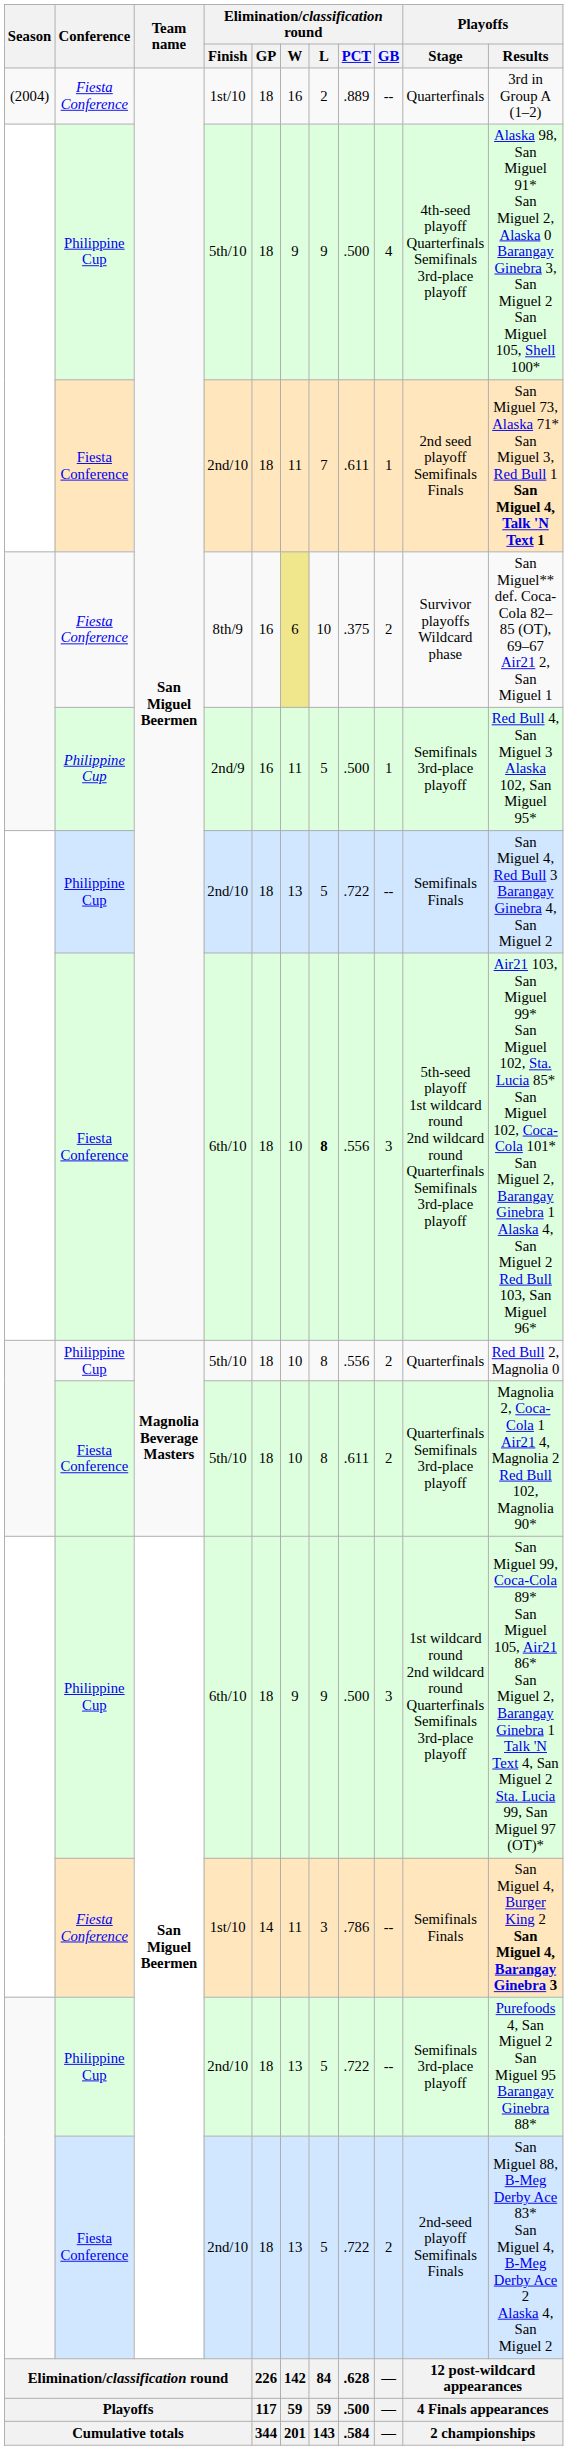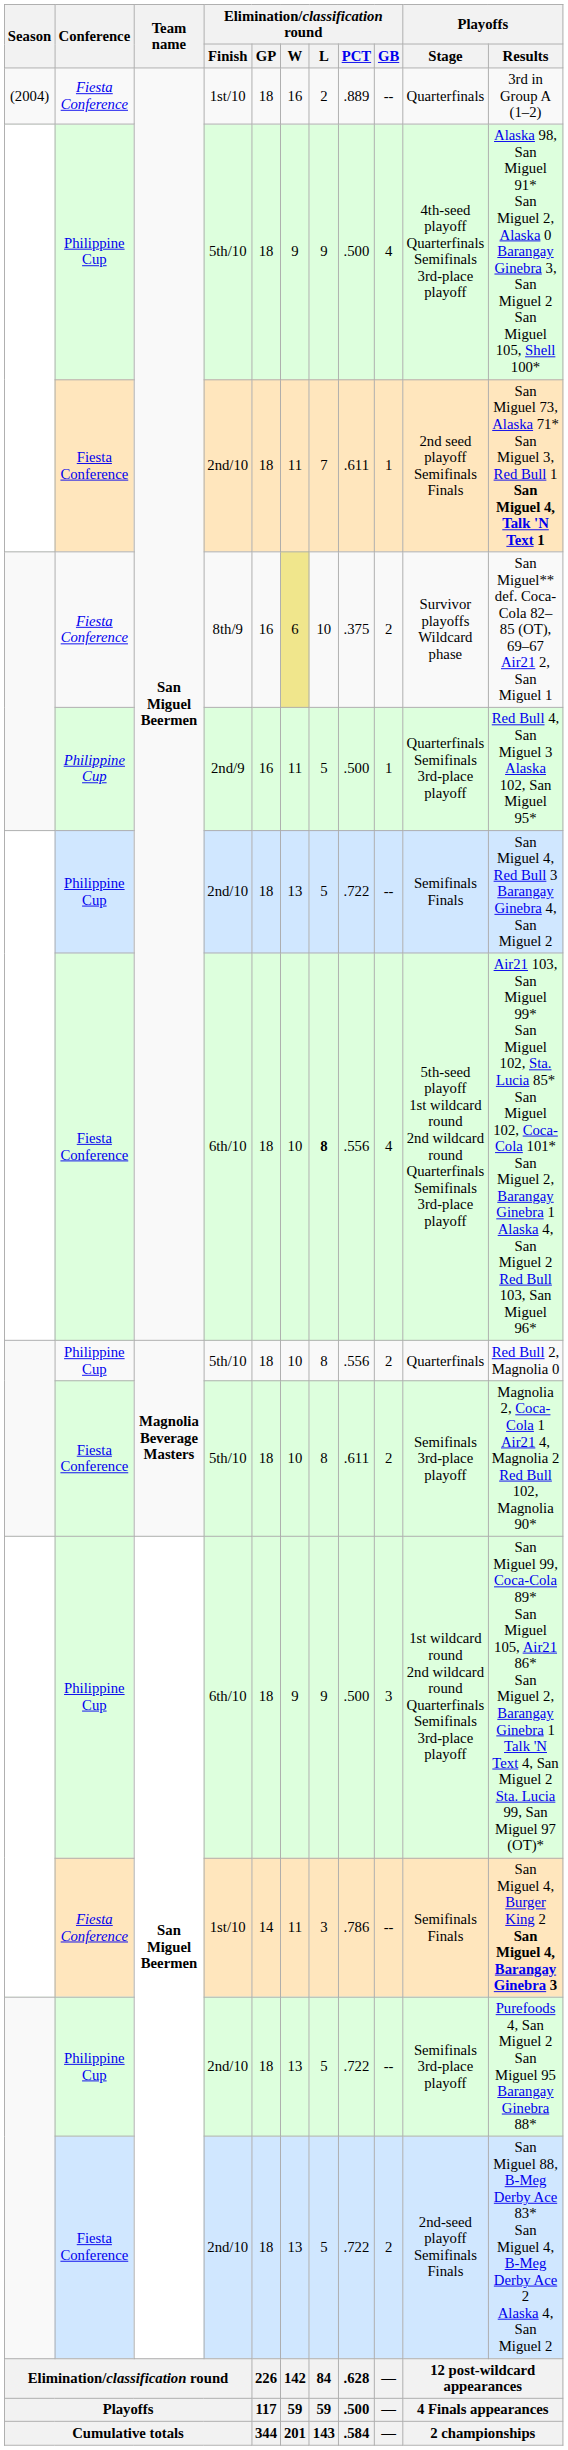 <table class=wikitable style="text-align:center;">
 <tr>
 <th rowspan=2>Season</th>
 <th rowspan=2>Conference</th>
 <th rowspan=2>Team name</th>
 <th colspan=6>Elimination/<em>classification</em> round</th>
 <th colspan=2>Playoffs</th>
 </tr>
 <tr>
 <th>Finish</th>
 <th>GP</th>
 <th>W</th>
 <th>L</th>
 <th><a href='#'>PCT</a></th>
 <th><a href='#'>GB</a></th>
 <th>Stage</th>
 <th>Results</th>
 </tr>
 <tr>
 <td>(2004)</td>
 <td><em><a href='#'>Fiesta Conference</a></em></td>
 <td rowspan=7><strong>San Miguel Beermen</strong></td>
 <td>1st/10</td>
 <td>18</td>
 <td>16</td>
 <td>2</td>
 <td>.889</td>
 <td>--</td>
 <td>Quarterfinals</td>
 <td>3rd in Group A (1–2)</td>
 </tr>
 <tr bgcolor=#DDFFDD>
 <td bgcolor=white rowspan=2></td>
 <td><a href='#'>Philippine Cup</a></td>
 <td>5th/10</td>
 <td>18</td>
 <td>9</td>
 <td>9</td>
 <td>.500</td>
 <td>4</td>
 <td>4th-seed playoff<br>Quarterfinals<br>Semifinals<br>3rd-place playoff</td>
 <td><a href='#'>Alaska</a> 98, San Miguel 91*<br>San Miguel 2, <a href='#'>Alaska</a> 0<br><a href='#'>Barangay Ginebra</a> 3, San Miguel 2<br>San Miguel 105, <a href='#'>Shell</a> 100*</td>
 </tr>
 <tr bgcolor=#FFE6BD>
 <td><a href='#'>Fiesta Conference</a></td>
 <td>2nd/10</td>
 <td>18</td>
 <td>11</td>
 <td>7</td>
 <td>.611</td>
 <td>1</td>
 <td>2nd seed playoff<br>Semifinals<br>Finals</td>
 <td>San Miguel 73, <a href='#'>Alaska</a> 71*<br>San Miguel 3, <a href='#'>Red Bull</a> 1<br><strong>San Miguel 4, <a href='#'>Talk 'N Text</a> 1</strong></td>
 </tr>
 <tr>
 <td rowspan=2></td>
 <td><em><a href='#'>Fiesta Conference</a></em></td>
 <td>8th/9</td>
 <td>16</td>
 <td style="background: khaki;">6</td>
 <td>10</td>
 <td>.375</td>
 <td>2</td>
 <td>Survivor playoffs<br>Wildcard phase</td>
 <td>San Miguel** def. Coca-Cola 82–85 (OT), 69–67<br><a href='#'>Air21</a> 2, San Miguel 1</td>
 </tr>
 <tr bgcolor=#DDFFDD>
 <td><em><a href='#'>Philippine Cup</a></em></td>
 <td>2nd/9</td>
 <td>16</td>
 <td>11</td>
 <td>5</td>
 <td>.500</td>
 <td>1</td>
-<td>Semifinals<br>3rd-place playoff</td>
+<td>Quarterfinals<br>Semifinals<br>3rd-place playoff</td>
 <td><a href='#'>Red Bull</a> 4, San Miguel 3<br><a href='#'>Alaska</a> 102, San Miguel 95*</td>
 </tr>
 <tr bgcolor=#D0E7FF>
 <td bgcolor=white rowspan=2></td>
 <td><a href='#'>Philippine Cup</a></td>
 <td>2nd/10</td>
 <td>18</td>
 <td>13</td>
 <td>5</td>
 <td>.722</td>
 <td>--</td>
 <td>Semifinals<br>Finals</td>
 <td>San Miguel 4, <a href='#'>Red Bull</a> 3<br><a href='#'>Barangay Ginebra</a> 4, San Miguel 2</td>
 </tr>
 <tr bgcolor=#DDFFDD>
 <td><a href='#'>Fiesta Conference</a></td>
 <td>6th/10</td>
 <td>18</td>
 <td>10</td>
 <td><strong>8</strong></td>
 <td>.556</td>
-<td>3</td>
+<td>4</td>
 <td>5th-seed playoff<br>1st wildcard round<br>2nd wildcard round<br>Quarterfinals<br>Semifinals<br>3rd-place playoff</td>
 <td><a href='#'>Air21</a> 103, San Miguel 99*<br>San Miguel 102, <a href='#'>Sta. Lucia</a> 85*<br>San Miguel 102, <a href='#'>Coca-Cola</a> 101*<br>San Miguel 2, <a href='#'>Barangay Ginebra</a> 1<br><a href='#'>Alaska</a> 4, San Miguel 2<br><a href='#'>Red Bull</a> 103, San Miguel 96*</td>
 </tr>
 <tr>
 <td rowspan=2></td>
 <td><a href='#'>Philippine Cup</a></td>
 <td rowspan=2><strong>Magnolia Beverage Masters</strong></td>
 <td>5th/10</td>
 <td>18</td>
 <td>10</td>
 <td>8</td>
 <td>.556</td>
 <td>2</td>
 <td>Quarterfinals</td>
 <td><a href='#'>Red Bull</a> 2, Magnolia 0</td>
 </tr>
 <tr bgcolor=#DDFFDD>
 <td><a href='#'>Fiesta Conference</a></td>
 <td>5th/10</td>
 <td>18</td>
 <td>10</td>
 <td>8</td>
 <td>.611</td>
 <td>2</td>
-<td>Quarterfinals<br>Semifinals<br>3rd-place playoff</td>
+<td>Semifinals<br>3rd-place playoff</td>
 <td>Magnolia 2, <a href='#'>Coca-Cola</a> 1<br><a href='#'>Air21</a> 4, Magnolia 2<br><a href='#'>Red Bull</a> 102, Magnolia 90*</td>
 </tr>
 <tr bgcolor=#DDFFDD>
 <td bgcolor=white rowspan=2></td>
 <td><a href='#'>Philippine Cup</a></td>
 <td bgcolor=white rowspan=4><strong>San Miguel Beermen</strong></td>
 <td>6th/10</td>
 <td>18</td>
 <td>9</td>
 <td>9</td>
 <td>.500</td>
 <td>3</td>
 <td>1st wildcard round<br>2nd wildcard round<br>Quarterfinals<br>Semifinals<br>3rd-place playoff</td>
 <td>San Miguel 99, <a href='#'>Coca-Cola</a> 89*<br> San Miguel 105, <a href='#'>Air21</a> 86*<br> San Miguel 2, <a href='#'>Barangay Ginebra</a> 1<br> <a href='#'>Talk 'N Text</a> 4, San Miguel 2<br><a href='#'>Sta. Lucia</a> 99, San Miguel 97 (OT)*</td>
 </tr>
 <tr bgcolor=#FFE6BD>
 <td><em><a href='#'>Fiesta Conference</a></em></td>
 <td>1st/10</td>
 <td>14</td>
 <td>11</td>
 <td>3</td>
 <td>.786</td>
 <td>--</td>
 <td>Semifinals<br>Finals</td>
 <td>San Miguel 4, <a href='#'>Burger King</a> 2<br><strong>San Miguel 4, <a href='#'>Barangay Ginebra</a> 3</strong></td>
 </tr>
 <tr>
 <td rowspan=2></td>
 <td bgcolor=#DDFFDD><a href='#'>Philippine Cup</a></td>
 <td bgcolor=#DDFFDD>2nd/10</td>
 <td bgcolor=#DDFFDD>18</td>
 <td bgcolor=#DDFFDD>13</td>
 <td bgcolor=#DDFFDD>5</td>
 <td bgcolor=#DDFFDD>.722</td>
 <td bgcolor=#DDFFDD>--</td>
 <td bgcolor=#DDFFDD>Semifinals<br>3rd-place playoff</td>
 <td bgcolor=#DDFFDD><a href='#'>Purefoods</a> 4, San Miguel 2<br>San Miguel 95 <a href='#'>Barangay Ginebra</a> 88*</td>
 </tr>
 <tr bgcolor=#D0E7FF>
 <td><a href='#'>Fiesta Conference</a></td>
 <td>2nd/10</td>
 <td>18</td>
 <td>13</td>
 <td>5</td>
 <td>.722</td>
 <td>2</td>
 <td>2nd-seed playoff<br>Semifinals<br>Finals</td>
 <td>San Miguel 88, <a href='#'>B-Meg Derby Ace</a> 83*<br>San Miguel 4, <a href='#'>B-Meg Derby Ace</a> 2<br><a href='#'>Alaska</a> 4, San Miguel 2</td>
 </tr>
 <tr>
 <th colspan=4>Elimination/<em>classification</em> round</th>
 <th>226</th>
 <th>142</th>
 <th>84</th>
 <th>.628</th>
 <th>—</th>
 <th colspan=2>12 post-wildcard appearances</th>
 </tr>
 <tr>
 <th colspan=4>Playoffs</th>
 <th>117</th>
 <th>59</th>
 <th>59</th>
 <th>.500</th>
 <th>—</th>
 <th colspan=2>4 Finals appearances</th>
 </tr>
 <tr>
 <th colspan=4>Cumulative totals</th>
 <th>344</th>
 <th>201</th>
 <th>143</th>
 <th>.584</th>
 <th>—</th>
 <th colspan=2>2 championships</th>
 </tr>
 </table>
